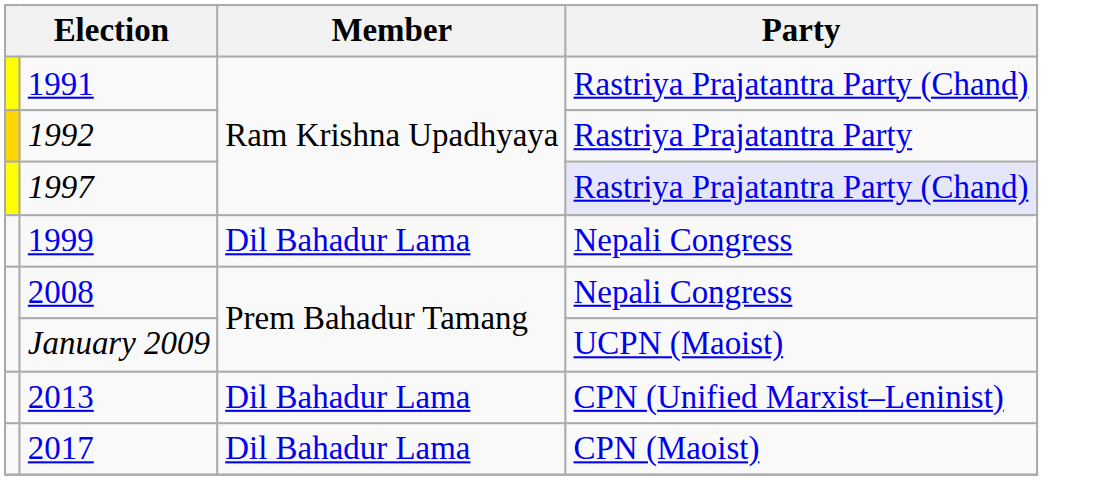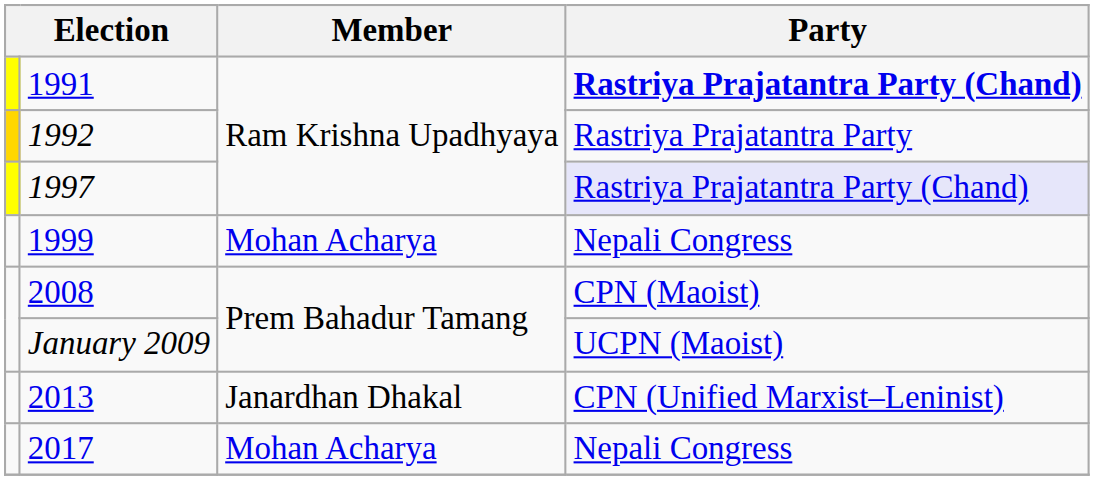 <table class="wikitable">
 <tr>
 <th colspan="2">Election</th>
 <th>Member</th>
 <th>Party</th>
 </tr>
 <tr>
 <td style="background-color:yellow"></td>
 <td><a href='#'>1991</a></td>
 <td rowspan="3">Ram Krishna Upadhyaya</td>
-<td><a href='#'>Rastriya Prajatantra Party (Chand)</a></td>
+<td><strong><a href='#'>Rastriya Prajatantra Party (Chand)</a></strong></td>
 </tr>
 <tr>
 <td style="background-color:gold"></td>
 <td><em>1992</em></td>
 <td><a href='#'>Rastriya Prajatantra Party</a></td>
 </tr>
 <tr>
 <td style="background-color:yellow"></td>
 <td><em>1997</em></td>
 <td style="background: lavender;"><a href='#'>Rastriya Prajatantra Party (Chand)</a></td>
 </tr>
 <tr>
 <td style="background-color:"></td>
 <td><a href='#'>1999</a></td>
-<td><a href='#'>Dil Bahadur Lama</a></td>
+<td><a href='#'>Mohan Acharya</a></td>
 <td><a href='#'>Nepali Congress</a></td>
 </tr>
 <tr>
 <td rowspan="2" style="background-color:"></td>
 <td><a href='#'>2008</a></td>
 <td rowspan="2">Prem Bahadur Tamang</td>
-<td><a href='#'>Nepali Congress</a></td>
+<td><a href='#'>CPN (Maoist)</a></td>
 </tr>
 <tr>
 <td><em>January 2009</em></td>
 <td><a href='#'>UCPN (Maoist)</a></td>
 </tr>
 <tr>
 <td style="background-color:"></td>
 <td><a href='#'>2013</a></td>
-<td><a href='#'>Dil Bahadur Lama</a></td>
+<td>Janardhan Dhakal</td>
 <td><a href='#'>CPN (Unified Marxist–Leninist)</a></td>
 </tr>
 <tr>
 <td style="background-color:"></td>
 <td><a href='#'>2017</a></td>
-<td><a href='#'>Dil Bahadur Lama</a></td>
-<td><a href='#'>CPN (Maoist)</a></td>
+<td><a href='#'>Mohan Acharya</a></td>
+<td><a href='#'>Nepali Congress</a></td>
 </tr>
 <tr>
 </tr>
 </table>
